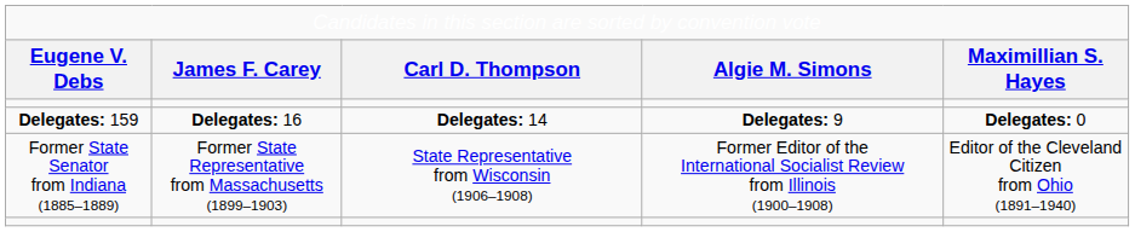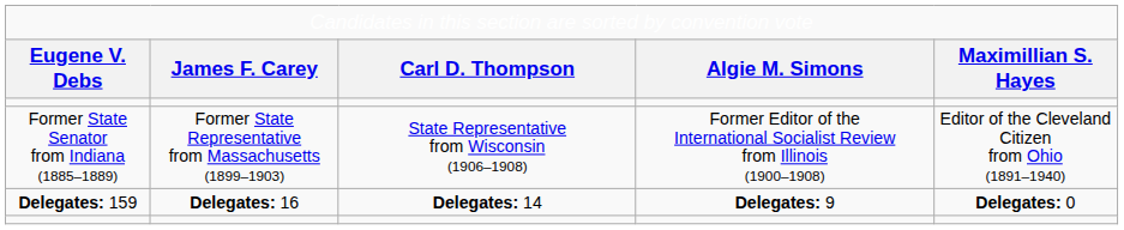 <table class="wikitable" style="font-size:90%">
 <tr>
 <td colspan="5" style="text-align:center; width:938px; font-size:120%; color:white; background:"><em>Candidates in this section are sorted by convention vote</em></td>
 </tr>
 <tr>
 <th scope="col" style="width:3em; font-size:120%;"><a href='#'>Eugene V. Debs</a></th>
 <th scope="col" style="width:3em; font-size:120%;"><a href='#'>James F. Carey</a></th>
 <th scope="col" style="width:9em; font-size:120%;"><a href='#'>Carl D. Thompson</a></th>
 <th scope="col" style="width:9em; font-size:120%;"><a href='#'>Algie M. Simons</a></th>
 <th scope="col" style="width:3em; font-size:120%;"><a href='#'>Maximillian S. Hayes</a></th>
 </tr>
 <tr>
 <td></td>
 <td></td>
 <td></td>
 <td></td>
 <td></td>
 </tr>
 <tr style="text-align:center">
+<td>Former <a href='#'>State Senator</a><br>from <a href='#'>Indiana</a><br><small>(1885–1889)</small></td>
+<td>Former <a href='#'>State Representative</a><br>from <a href='#'>Massachusetts</a><br><small>(1899–1903)</small></td>
+<td><a href='#'>State Representative</a><br>from <a href='#'>Wisconsin</a><br><small>(1906–1908)</small></td>
+<td>Former Editor of the<br><a href='#'>International Socialist Review</a><br>from <a href='#'>Illinois</a><br><small>(1900–1908)</small></td>
+<td>Editor of the Cleveland Citizen<br>from <a href='#'>Ohio</a><br><small>(1891–1940)</small></td>
+</tr>
+<tr style="text-align:center">
 <td><strong>Delegates:</strong> 159</td>
 <td><strong>Delegates:</strong> 16<br><strong></strong></td>
 <td><strong>Delegates:</strong> 14</td>
 <td><strong>Delegates:</strong> 9</td>
 <td><strong>Delegates:</strong> 0<br><strong></strong></td>
-</tr>
-<tr style="text-align:center">
-<td>Former <a href='#'>State Senator</a><br>from <a href='#'>Indiana</a><br><small>(1885–1889)</small></td>
-<td>Former <a href='#'>State Representative</a><br>from <a href='#'>Massachusetts</a><br><small>(1899–1903)</small></td>
-<td><a href='#'>State Representative</a><br>from <a href='#'>Wisconsin</a><br><small>(1906–1908)</small></td>
-<td>Former Editor of the<br><a href='#'>International Socialist Review</a><br>from <a href='#'>Illinois</a><br><small>(1900–1908)</small></td>
-<td>Editor of the Cleveland Citizen<br>from <a href='#'>Ohio</a><br><small>(1891–1940)</small></td>
 </tr>
 <tr style="text-align:center">
 <td></td>
 <td></td>
 <td></td>
 <td></td>
 <td></td>
 </tr>
 </table>
